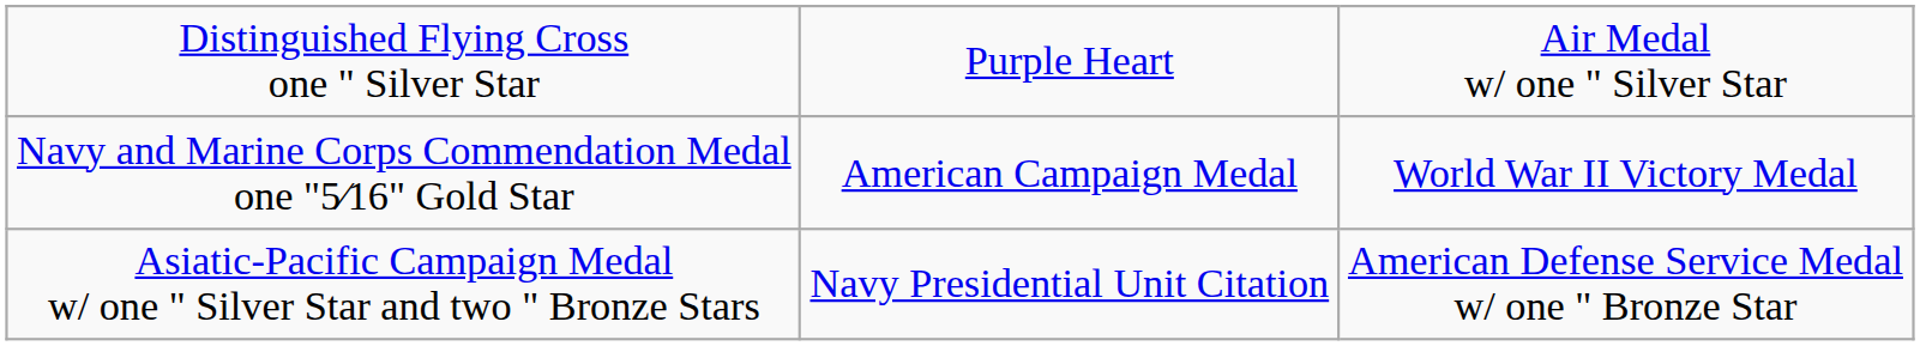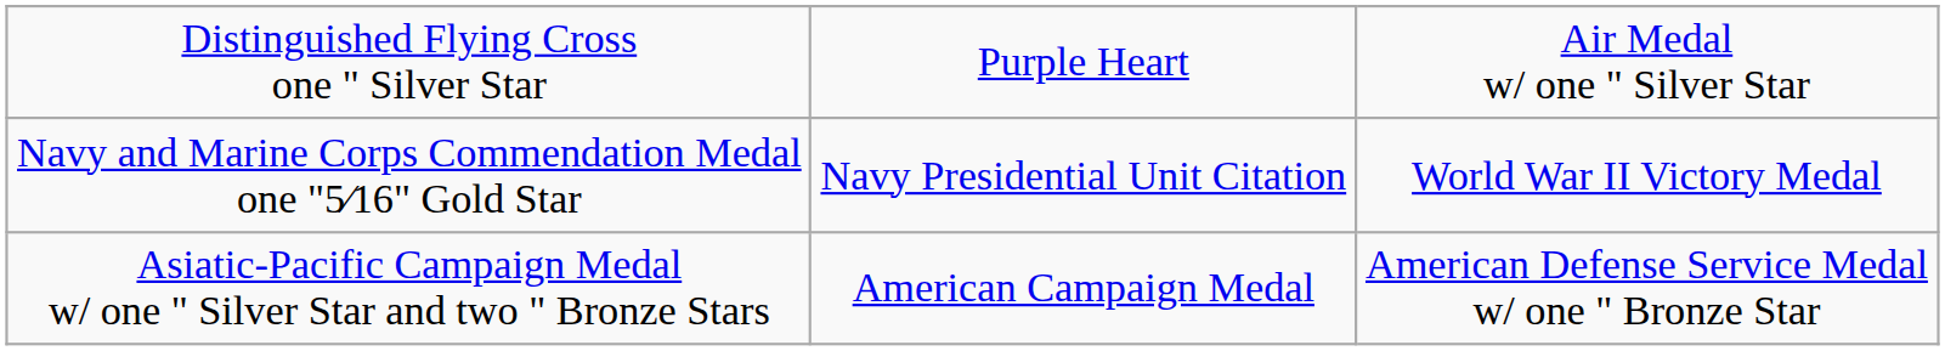 <table class="wikitable" style="margin-left: auto; margin-right: auto; text-align: center; margin-top: -1px;">
 <tr>
 <td><a href='#'>Distinguished Flying Cross</a><br>one " Silver Star</td>
 <td><a href='#'>Purple Heart</a></td>
 <td><a href='#'>Air Medal</a><br>w/ one " Silver Star</td>
 </tr>
 <tr>
 <td><a href='#'>Navy and Marine Corps Commendation Medal</a><br> one "5⁄16" Gold Star</td>
-<td><a href='#'>American Campaign Medal</a></td>
+<td><a href='#'>Navy Presidential Unit Citation</a></td>
 <td><a href='#'>World War II Victory Medal</a></td>
 </tr>
 <tr>
 <td><a href='#'>Asiatic-Pacific Campaign Medal</a><br>w/ one " Silver Star and two " Bronze Stars</td>
-<td><a href='#'>Navy Presidential Unit Citation</a></td>
+<td><a href='#'>American Campaign Medal</a></td>
 <td><a href='#'>American Defense Service Medal</a><br>w/ one " Bronze Star</td>
 </tr>
 </table>
